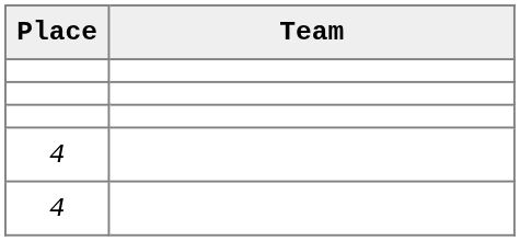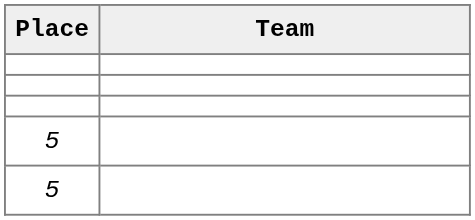 <table style=border-collapse:collapse border=1 cellspacing=0 cellpadding=5>
 <tr align=center bgcolor=#efefef>
 <th width=35>Place</th>
 <th width=185>Team</th>
 </tr>
 <tr align=center>
 <td></td>
 <td style="text-align:left;"></td>
 </tr>
 <tr align=center>
 <td></td>
 <td style="text-align:left;"></td>
 </tr>
 <tr align=center>
 <td></td>
 <td style="text-align:left;"></td>
 </tr>
 <tr align=center>
-<td><em>4</em></td>
+<td><em>5</em></td>
 <td style="text-align:left;"></td>
 </tr>
 <tr align=center>
-<td><em>4</em></td>
+<td><em>5</em></td>
 <td style="text-align:left;"></td>
 </tr>
 </table>
